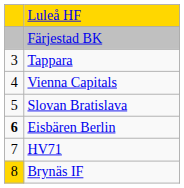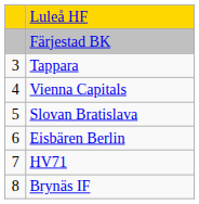 <table class="wikitable" style="width:200px;">
 <tr style="background:gold;">
 <td align=center></td>
 <td> <a href='#'>Luleå HF</a></td>
 </tr>
 <tr style="background:silver;">
 <td align=center></td>
 <td> <a href='#'>Färjestad BK</a></td>
 </tr>
 <tr>
 <td align=center>3</td>
 <td> <a href='#'>Tappara</a></td>
 </tr>
 <tr>
 <td align=center>4</td>
 <td> <a href='#'>Vienna Capitals</a></td>
 </tr>
 <tr>
 <td align=center>5</td>
 <td> <a href='#'>Slovan Bratislava</a></td>
 </tr>
 <tr>
-<td align=center><strong>6</strong></td>
+<td align=center>6</td>
 <td> <a href='#'>Eisbären Berlin</a></td>
 </tr>
 <tr>
 <td align=center>7</td>
 <td> <a href='#'>HV71</a></td>
 </tr>
 <tr>
-<td align=center style="background: gold;">8</td>
+<td align=center>8</td>
 <td> <a href='#'>Brynäs IF</a></td>
 </tr>
 </table>
